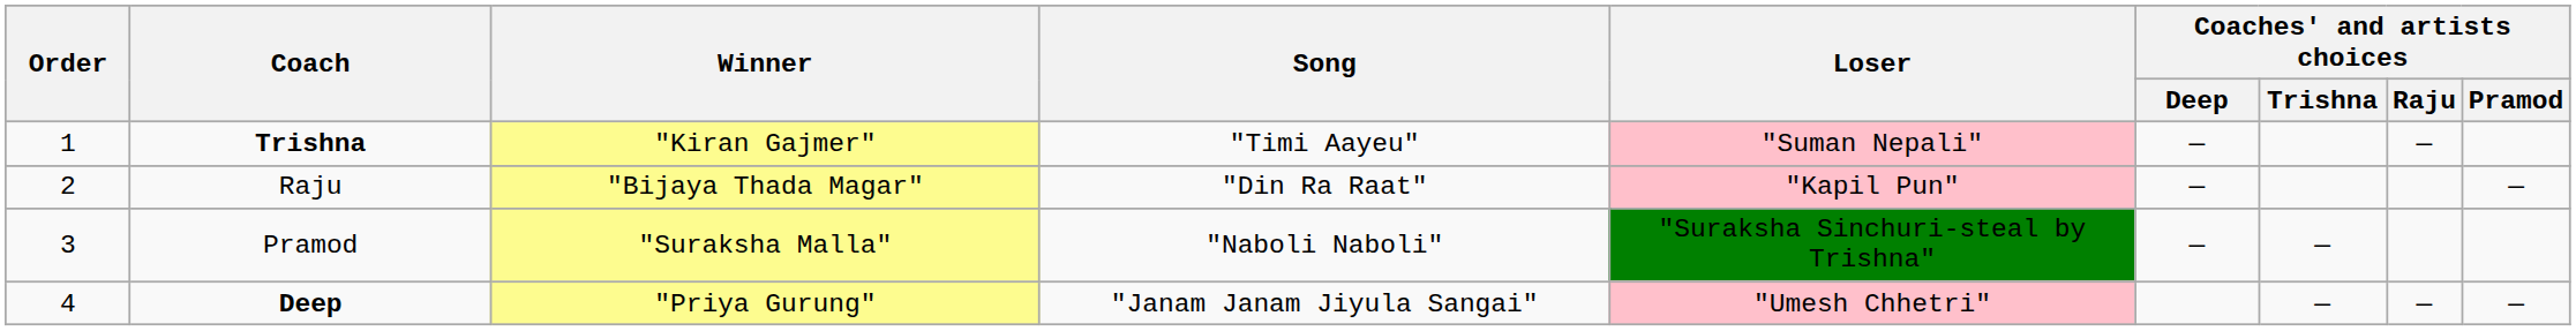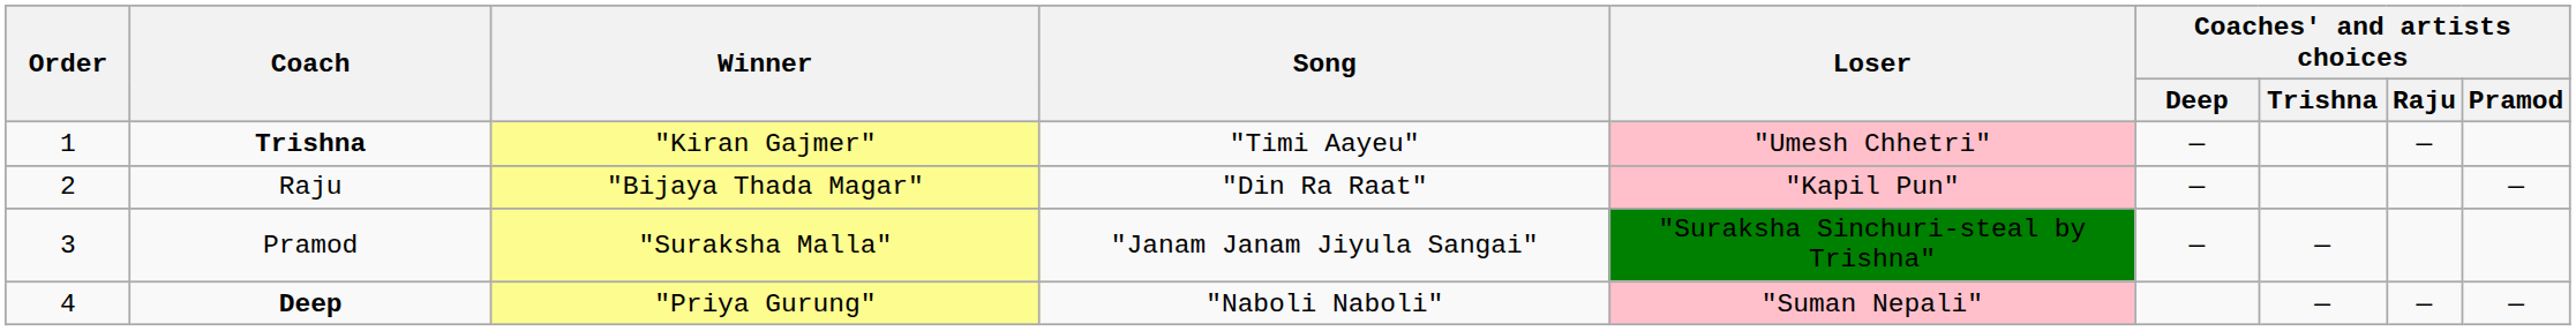 <table class="wikitable plainrowheaders" style="text-align:center; width:100%;">
 <tr>
 <th scope="col" style="width:05%;" rowspan="2">Order</th>
 <th scope="col" style="width:15%;" rowspan="2">Coach</th>
 <th scope="col" style="width:23%;" rowspan="2">Winner</th>
 <th scope="col" style="width:24%;" rowspan="2">Song</th>
 <th scope="col" style="width:22%;" rowspan="2">Loser</th>
 <th scope="col" style="width:20%;" colspan="4">Coaches' and artists choices</th>
 </tr>
 <tr>
 <th scope="col" style="width:05%;">Deep</th>
 <th scope="col" style="width:05%;">Trishna</th>
 <th scope="col" style="width:05%;">Raju</th>
 <th scope="col" style="width:05%;">Pramod</th>
 </tr>
 <tr>
 <td scope="row">1</td>
 <td><strong>Trishna</strong></td>
 <td style="background:#fdfc8f;text-align:center;">"Kiran Gajmer"</td>
 <td>"Timi Aayeu"</td>
-<td style="background:pink;text-align:center;">"Suman Nepali"</td>
+<td style="background:pink;text-align:center;">"Umesh Chhetri"</td>
 <td>—</td>
 <td></td>
 <td>—</td>
 </tr>
 <tr>
 <td scope="row">2</td>
 <td>Raju</td>
 <td style="background:#fdfc8f;text-align:center;">"Bijaya Thada Magar"</td>
 <td>"Din Ra Raat"</td>
 <td style="background:pink;text-align:center;">"Kapil Pun"</td>
 <td>—</td>
 <td></td>
 <td></td>
 <td>—</td>
 </tr>
 <tr>
 <td scope="row">3</td>
 <td>Pramod</td>
 <td style="background:#fdfc8f;text-align:center;">"Suraksha Malla"</td>
-<td>"Naboli Naboli"</td>
+<td>"Janam Janam Jiyula Sangai"</td>
 <td style="background:green;text-align:center;">"Suraksha Sinchuri-steal by Trishna"</td>
 <td>—</td>
 <td>—</td>
 <td></td>
 </tr>
 <tr>
 <td scope="row">4</td>
 <td><strong>Deep</strong></td>
 <td style="background:#fdfc8f;text-align:center;">"Priya Gurung"</td>
-<td>"Janam Janam Jiyula Sangai"</td>
-<td style="background:pink;text-align:center;">"Umesh Chhetri"</td>
+<td>"Naboli Naboli"</td>
+<td style="background:pink;text-align:center;">"Suman Nepali"</td>
 <td></td>
 <td>—</td>
 <td>—</td>
 <td>—</td>
 </tr>
 </table>
